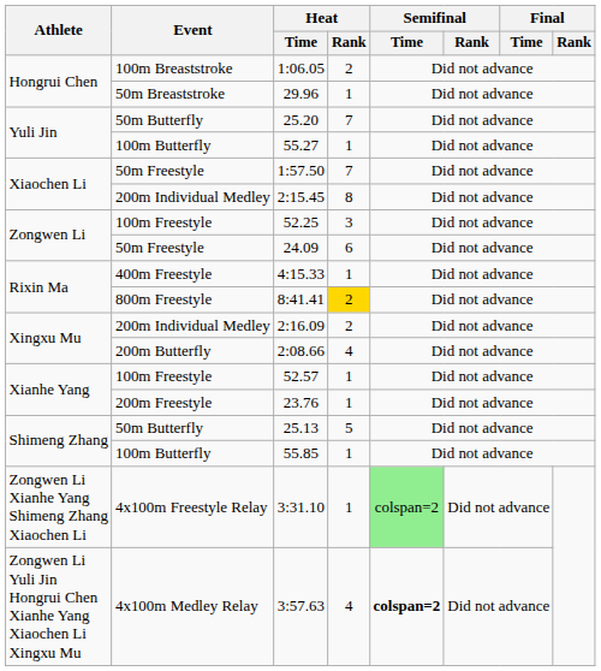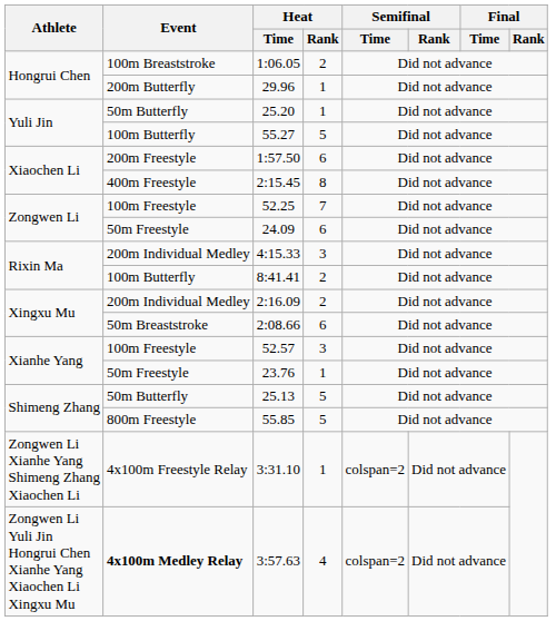 <table class=wikitable style="font-size:90%">
 <tr>
 <th rowspan="2">Athlete</th>
 <th rowspan="2">Event</th>
 <th colspan="2">Heat</th>
 <th colspan="2">Semifinal</th>
 <th colspan="2">Final</th>
 </tr>
 <tr style="font-size:95%">
 <th>Time</th>
 <th>Rank</th>
 <th>Time</th>
 <th>Rank</th>
 <th>Time</th>
 <th>Rank</th>
 </tr>
 <tr align=center>
 <td align=left rowspan=2>Hongrui Chen</td>
 <td align=left>100m Breaststroke</td>
 <td>1:06.05</td>
 <td>2</td>
 <td colspan=4>Did not advance</td>
 </tr>
 <tr align=center>
-<td align=left>50m Breaststroke</td>
+<td align=left>200m Butterfly</td>
 <td>29.96</td>
 <td>1</td>
 <td colspan=4>Did not advance</td>
 </tr>
 <tr align=center>
 <td align=left rowspan=2>Yuli Jin</td>
 <td align=left>50m Butterfly</td>
 <td>25.20</td>
-<td>7</td>
+<td>1</td>
 <td colspan=4>Did not advance</td>
 </tr>
 <tr align=center>
 <td align=left>100m Butterfly</td>
 <td>55.27</td>
-<td>1</td>
+<td>5</td>
 <td colspan=4>Did not advance</td>
 </tr>
 <tr align=center>
 <td align=left rowspan=2>Xiaochen Li</td>
-<td align=left>50m Freestyle</td>
+<td align=left>200m Freestyle</td>
 <td>1:57.50</td>
-<td>7</td>
+<td>6</td>
 <td colspan=4>Did not advance</td>
 </tr>
 <tr align=center>
-<td align=left>200m Individual Medley</td>
+<td align=left>400m Freestyle</td>
 <td>2:15.45</td>
 <td>8</td>
 <td colspan=4>Did not advance</td>
 </tr>
 <tr align=center>
 <td align=left rowspan=2>Zongwen Li</td>
 <td align=left>100m Freestyle</td>
 <td>52.25</td>
-<td>3</td>
+<td>7</td>
 <td colspan=4>Did not advance</td>
 </tr>
 <tr align=center>
 <td align=left>50m Freestyle</td>
 <td>24.09</td>
 <td>6</td>
 <td colspan=4>Did not advance</td>
 </tr>
 <tr align=center>
 <td align=left rowspan=2>Rixin Ma</td>
-<td align=left>400m Freestyle</td>
+<td align=left>200m Individual Medley</td>
 <td>4:15.33</td>
-<td>1</td>
+<td>3</td>
 <td colspan=4>Did not advance</td>
 </tr>
 <tr align=center>
-<td align=left>800m Freestyle</td>
+<td align=left>100m Butterfly</td>
 <td>8:41.41</td>
-<td style="background: gold;">2</td>
+<td>2</td>
 <td colspan=4>Did not advance</td>
 </tr>
 <tr align=center>
 <td align=left rowspan=2>Xingxu Mu</td>
 <td align=left>200m Individual Medley</td>
 <td>2:16.09</td>
 <td>2</td>
 <td colspan=4>Did not advance</td>
 </tr>
 <tr align=center>
-<td align=left>200m Butterfly</td>
+<td align=left>50m Breaststroke</td>
 <td>2:08.66</td>
-<td>4</td>
+<td>6</td>
 <td colspan=4>Did not advance</td>
 </tr>
 <tr align=center>
 <td align=left rowspan=2>Xianhe Yang</td>
 <td align=left>100m Freestyle</td>
 <td>52.57</td>
-<td>1</td>
+<td>3</td>
 <td colspan=4>Did not advance</td>
 </tr>
 <tr align=center>
-<td align=left>200m Freestyle</td>
+<td align=left>50m Freestyle</td>
 <td>23.76</td>
 <td>1</td>
 <td colspan=4>Did not advance</td>
 </tr>
 <tr align=center>
 <td align=left rowspan=2>Shimeng Zhang</td>
 <td align=left>50m Butterfly</td>
 <td>25.13</td>
 <td>5</td>
 <td colspan=4>Did not advance</td>
 </tr>
 <tr align=center>
-<td align=left>100m Butterfly</td>
+<td align=left>800m Freestyle</td>
 <td>55.85</td>
-<td>1</td>
+<td>5</td>
 <td colspan=4>Did not advance</td>
 </tr>
 <tr align=center>
 <td align=left>Zongwen Li<br>Xianhe Yang<br>Shimeng Zhang<br>Xiaochen Li</td>
 <td align=left>4x100m Freestyle Relay</td>
 <td>3:31.10</td>
 <td>1</td>
-<td style="background: lightgreen;">colspan=2 </td>
+<td>colspan=2 </td>
 <td colspan=2>Did not advance</td>
 </tr>
 <tr align=center>
 <td align=left>Zongwen Li<br>Yuli Jin<br>Hongrui Chen<br>Xianhe Yang<br>Xiaochen Li<br>Xingxu Mu</td>
-<td align=left>4x100m Medley Relay</td>
+<td align=left><strong>4x100m Medley Relay</strong></td>
 <td>3:57.63</td>
 <td>4</td>
-<td><strong>colspan=2 </strong></td>
+<td>colspan=2 </td>
 <td colspan=2>Did not advance</td>
 </tr>
 </table>
